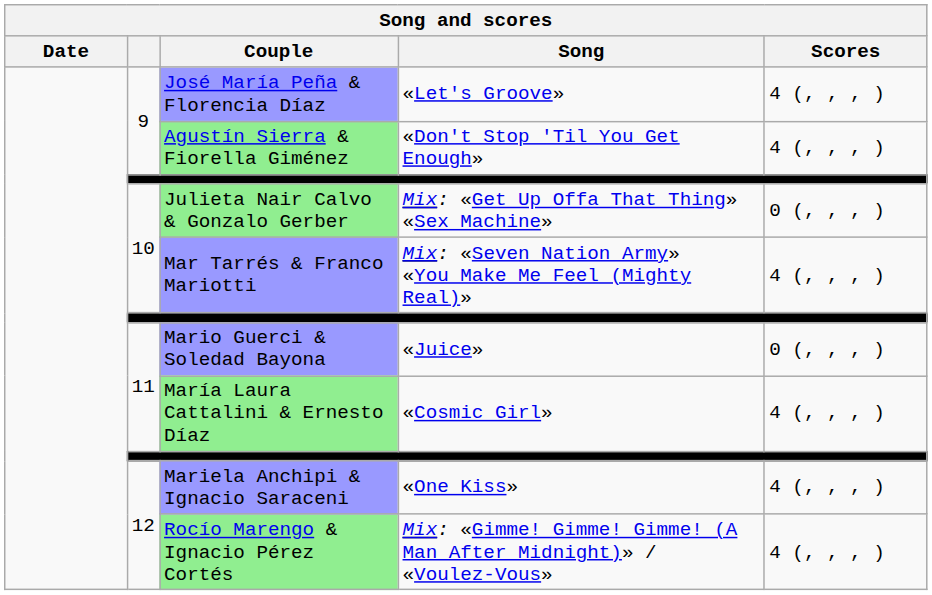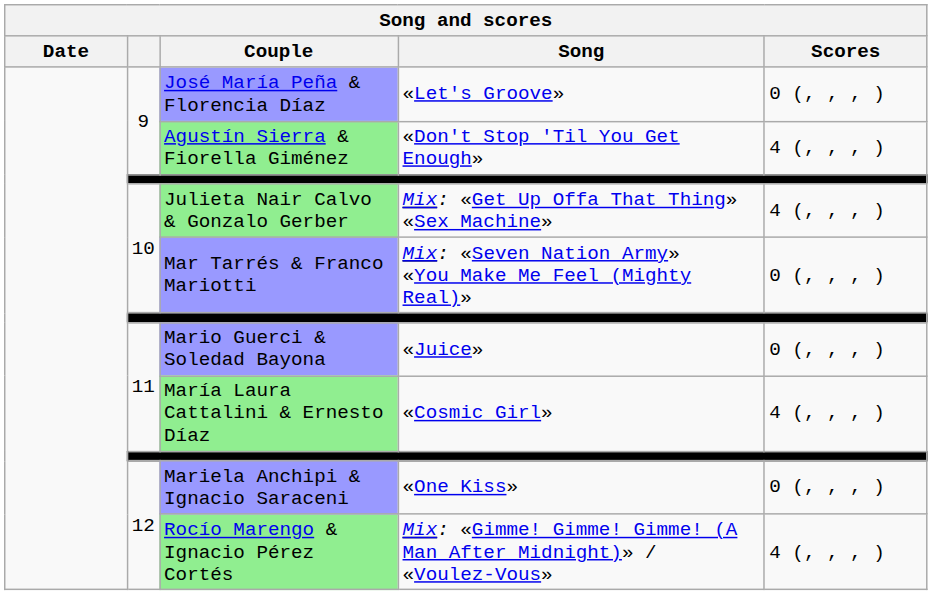 <table class="wikitable collapsible collapsed" style="text-align: align; width: 100%">
 <tr>
 <th colspan="11" style="with: 100%" align="center">Song and scores</th>
 </tr>
 <tr>
 <th width=90>Date</th>
 <th width=15></th>
 <th width=180>Couple</th>
 <th width=290>Song</th>
 <th width=120>Scores</th>
 </tr>
 <tr>
 <td rowspan="11"></td>
 <td rowspan="2" align="center">9</td>
 <td bgcolor="#9999FF"><a href='#'>José María Peña</a> & Florencia Díaz</td>
 <td>«<a href='#'>Let's Groove</a>» </td>
-<td>4 (, , , )</td>
+<td>0 (, , , )</td>
 </tr>
 <tr>
 <td bgcolor="lightgreen"><a href='#'>Agustín Sierra</a> & Fiorella Giménez</td>
 <td>«<a href='#'>Don't Stop 'Til You Get Enough</a>» </td>
 <td>4 (, , , )</td>
 </tr>
 <tr>
 <td style="background:black" colspan=10></td>
 </tr>
 <tr>
 <td rowspan="2" align="center">10</td>
 <td bgcolor="lightgreen">Julieta Nair Calvo & Gonzalo Gerber</td>
 <td><em><u><a href='#'>Mix</a></u>:</em> «<a href='#'>Get Up Offa That Thing</a>» <br>«<a href='#'>Sex Machine</a>» </td>
-<td>0 (, , , )</td>
+<td>4 (, , , )</td>
 </tr>
 <tr>
 <td bgcolor="#9999FF">Mar Tarrés & Franco Mariotti</td>
 <td><em><u><a href='#'>Mix</a></u>:</em> «<a href='#'>Seven Nation Army</a>» <br>«<a href='#'>You Make Me Feel (Mighty Real)</a>» </td>
-<td>4 (, , , )</td>
+<td>0 (, , , )</td>
 </tr>
 <tr>
 <td style="background:black" colspan=10></td>
 </tr>
 <tr>
 <td rowspan="2" align="center">11</td>
 <td bgcolor="#9999FF">Mario Guerci & Soledad Bayona</td>
 <td>«<a href='#'>Juice</a>» </td>
 <td>0 (, , , )</td>
 </tr>
 <tr>
 <td bgcolor="lightgreen">María Laura Cattalini & Ernesto Díaz</td>
 <td>«<a href='#'>Cosmic Girl</a>» </td>
 <td>4 (, , , )</td>
 </tr>
 <tr>
 <td style="background:black" colspan=10></td>
 </tr>
 <tr>
 <td rowspan="2" align="center">12</td>
 <td bgcolor="#9999FF">Mariela Anchipi & Ignacio Saraceni</td>
 <td>«<a href='#'>One Kiss</a>» </td>
-<td>4 (, , , )</td>
+<td>0 (, , , )</td>
 </tr>
 <tr>
 <td bgcolor="lightgreen"><a href='#'>Rocío Marengo</a> & Ignacio Pérez Cortés</td>
 <td><em><u><a href='#'>Mix</a></u>:</em> «<a href='#'>Gimme! Gimme! Gimme! (A Man After Midnight)</a>» / «<a href='#'>Voulez-Vous</a>» </td>
 <td>4 (, , , )</td>
 </tr>
 </table>
